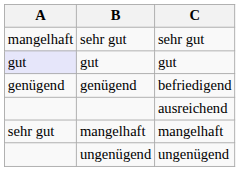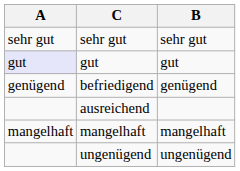 <table class="wikitable">
 <tr>
 <th>A</th>
+<th>C</th>
 <th>B</th>
-<th>C</th>
 </tr>
 <tr>
-<td>mangelhaft</td>
+<td>sehr gut</td>
 <td>sehr gut</td>
 <td>sehr gut</td>
 </tr>
 <tr>
 <td style="background: lavender;">gut</td>
 <td>gut</td>
 <td>gut</td>
 </tr>
 <tr>
 <td>genügend</td>
+<td>befriedigend</td>
 <td>genügend</td>
-<td>befriedigend</td>
 </tr>
 <tr>
 <td></td>
+<td>ausreichend</td>
 <td></td>
-<td>ausreichend</td>
 </tr>
 <tr>
-<td>sehr gut</td>
+<td>mangelhaft</td>
 <td>mangelhaft</td>
 <td>mangelhaft</td>
 </tr>
 <tr>
 <td></td>
 <td>ungenügend</td>
 <td>ungenügend</td>
 </tr>
 </table>
